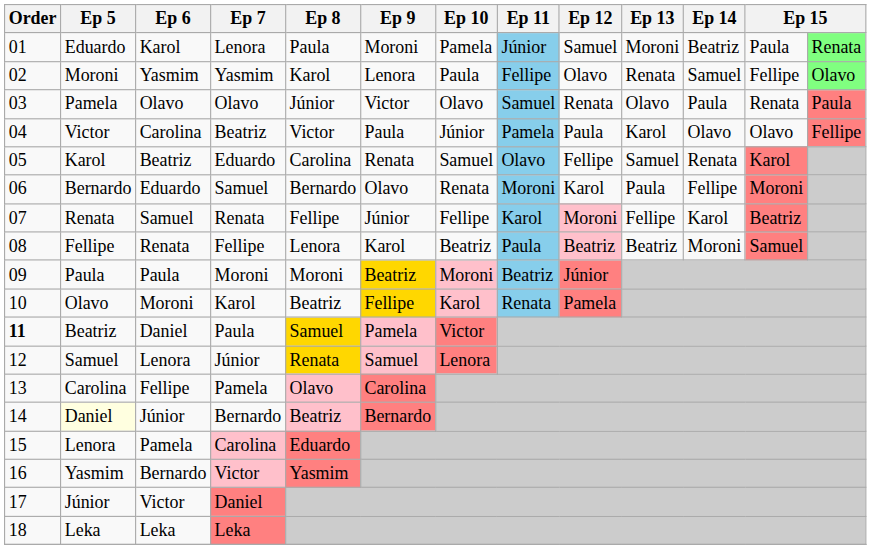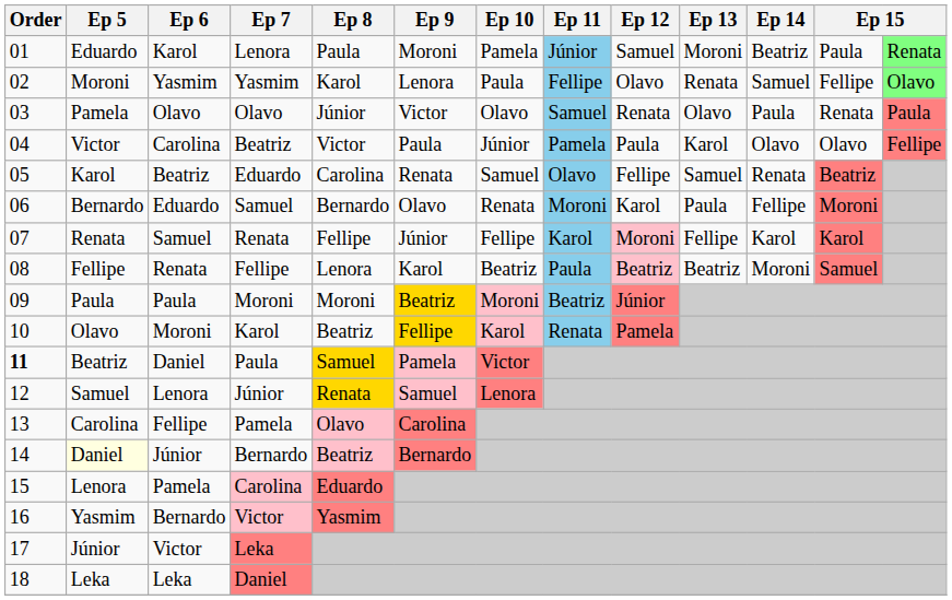 <table class="wikitable">
 <tr>
 <th>Order</th>
 <th>Ep 5</th>
 <th>Ep 6</th>
 <th>Ep 7</th>
 <th>Ep 8</th>
 <th>Ep 9</th>
 <th>Ep 10</th>
 <th>Ep 11</th>
 <th>Ep 12</th>
 <th>Ep 13</th>
 <th>Ep 14</th>
 <th colspan=2>Ep 15</th>
 </tr>
 <tr>
 <td>01</td>
 <td>Eduardo</td>
 <td>Karol</td>
 <td>Lenora</td>
 <td>Paula</td>
 <td>Moroni</td>
 <td>Pamela</td>
 <td style="background:skyblue;">Júnior</td>
 <td>Samuel</td>
 <td>Moroni</td>
 <td>Beatriz</td>
 <td>Paula</td>
 <td style="background:#80FF80;">Renata</td>
 </tr>
 <tr>
 <td>02</td>
 <td>Moroni</td>
 <td>Yasmim</td>
 <td>Yasmim</td>
 <td>Karol</td>
 <td>Lenora</td>
 <td>Paula</td>
 <td style="background:skyblue;">Fellipe</td>
 <td>Olavo</td>
 <td>Renata</td>
 <td>Samuel</td>
 <td>Fellipe</td>
 <td style="background:#80FF80;">Olavo</td>
 </tr>
 <tr>
 <td>03</td>
 <td>Pamela</td>
 <td>Olavo</td>
 <td>Olavo</td>
 <td>Júnior</td>
 <td>Victor</td>
 <td>Olavo</td>
 <td style="background:skyblue;">Samuel</td>
 <td>Renata</td>
 <td>Olavo</td>
 <td>Paula</td>
 <td>Renata</td>
 <td style="background:#FF8080;">Paula</td>
 </tr>
 <tr>
 <td>04</td>
 <td>Victor</td>
 <td>Carolina</td>
 <td>Beatriz</td>
 <td>Victor</td>
 <td>Paula</td>
 <td>Júnior</td>
 <td style="background:skyblue;">Pamela</td>
 <td>Paula</td>
 <td>Karol</td>
 <td>Olavo</td>
 <td>Olavo</td>
 <td style="background:#FF8080;">Fellipe</td>
 </tr>
 <tr>
 <td>05</td>
 <td>Karol</td>
 <td>Beatriz</td>
 <td>Eduardo</td>
 <td>Carolina</td>
 <td>Renata</td>
 <td>Samuel</td>
 <td style="background:skyblue;">Olavo</td>
 <td>Fellipe</td>
 <td>Samuel</td>
 <td>Renata</td>
-<td style="background:#FF8080;">Karol</td>
+<td style="background:#FF8080;">Beatriz</td>
 <td style="background:#CCCCCC;" colspan="1"></td>
 </tr>
 <tr>
 <td>06</td>
 <td>Bernardo</td>
 <td>Eduardo</td>
 <td>Samuel</td>
 <td>Bernardo</td>
 <td>Olavo</td>
 <td>Renata</td>
 <td style="background:skyblue;">Moroni</td>
 <td>Karol</td>
 <td>Paula</td>
 <td>Fellipe</td>
 <td style="background:#FF8080;">Moroni</td>
 <td style="background:#CCCCCC;" colspan="1"></td>
 </tr>
 <tr>
 <td>07</td>
 <td>Renata</td>
 <td>Samuel</td>
 <td>Renata</td>
 <td>Fellipe</td>
 <td>Júnior</td>
 <td>Fellipe</td>
 <td style="background:skyblue;">Karol</td>
 <td style="background:pink;">Moroni</td>
 <td>Fellipe</td>
 <td>Karol</td>
-<td style="background:#FF8080;">Beatriz</td>
+<td style="background:#FF8080;">Karol</td>
 <td style="background:#CCCCCC;" colspan="1"></td>
 </tr>
 <tr>
 <td>08</td>
 <td>Fellipe</td>
 <td>Renata</td>
 <td>Fellipe</td>
 <td>Lenora</td>
 <td>Karol</td>
 <td>Beatriz</td>
 <td style="background:skyblue;">Paula</td>
 <td style="background:pink;">Beatriz</td>
 <td>Beatriz</td>
 <td>Moroni</td>
 <td style="background:#FF8080;">Samuel</td>
 <td style="background:#CCCCCC;" colspan="1"></td>
 </tr>
 <tr>
 <td>09</td>
 <td>Paula</td>
 <td>Paula</td>
 <td>Moroni</td>
 <td>Moroni</td>
 <td style="background:gold;">Beatriz</td>
 <td style="background:pink;">Moroni</td>
 <td style="background:skyblue;">Beatriz</td>
 <td style="background:#FF8080;">Júnior</td>
 <td style="background:#CCCCCC;" colspan="4"></td>
 </tr>
 <tr>
 <td>10</td>
 <td>Olavo</td>
 <td>Moroni</td>
 <td>Karol</td>
 <td>Beatriz</td>
 <td style="background:gold;">Fellipe</td>
 <td style="background:pink;">Karol</td>
 <td style="background:skyblue;">Renata</td>
 <td style="background:#FF8080;">Pamela</td>
 <td style="background:#CCCCCC;" colspan="4"></td>
 </tr>
 <tr>
 <td><strong>11</strong></td>
 <td>Beatriz</td>
 <td>Daniel</td>
 <td>Paula</td>
 <td style="background:gold;">Samuel</td>
 <td style="background:pink;">Pamela</td>
 <td style="background:#FF8080;">Victor</td>
 <td style="background:#CCCCCC;" colspan="6"></td>
 </tr>
 <tr>
 <td>12</td>
 <td>Samuel</td>
 <td>Lenora</td>
 <td>Júnior</td>
 <td style="background:gold;">Renata</td>
 <td style="background:pink;">Samuel</td>
 <td style="background:#FF8080;">Lenora</td>
 <td style="background:#CCCCCC;" colspan="6"></td>
 </tr>
 <tr>
 <td>13</td>
 <td>Carolina</td>
 <td>Fellipe</td>
 <td>Pamela</td>
 <td style="background:pink;">Olavo</td>
 <td style="background:#FF8080;">Carolina</td>
 <td style="background:#CCCCCC;" colspan="7"></td>
 </tr>
 <tr>
 <td>14</td>
 <td style="background: lightyellow;">Daniel</td>
 <td>Júnior</td>
 <td>Bernardo</td>
 <td style="background:pink;">Beatriz</td>
 <td style="background:#FF8080;">Bernardo</td>
 <td style="background:#CCCCCC;" colspan="7"></td>
 </tr>
 <tr>
 <td>15</td>
 <td>Lenora</td>
 <td>Pamela</td>
 <td style="background:pink;">Carolina</td>
 <td style="background:#FF8080;">Eduardo</td>
 <td style="background:#CCCCCC;" colspan="8"></td>
 </tr>
 <tr>
 <td>16</td>
 <td>Yasmim</td>
 <td>Bernardo</td>
 <td style="background:pink;">Victor</td>
 <td style="background:#FF8080;">Yasmim</td>
 <td style="background:#CCCCCC;" colspan="8"></td>
 </tr>
 <tr>
 <td>17</td>
 <td>Júnior</td>
 <td>Victor</td>
-<td style="background:#FF8080;">Daniel</td>
+<td style="background:#FF8080;">Leka</td>
 <td style="background:#CCCCCC;" colspan="9"></td>
 </tr>
 <tr>
 <td>18</td>
 <td>Leka</td>
 <td>Leka</td>
-<td style="background:#FF8080;">Leka</td>
+<td style="background:#FF8080;">Daniel</td>
 <td style="background:#CCCCCC;" colspan="9"></td>
 </tr>
 <tr>
 </tr>
 </table>
